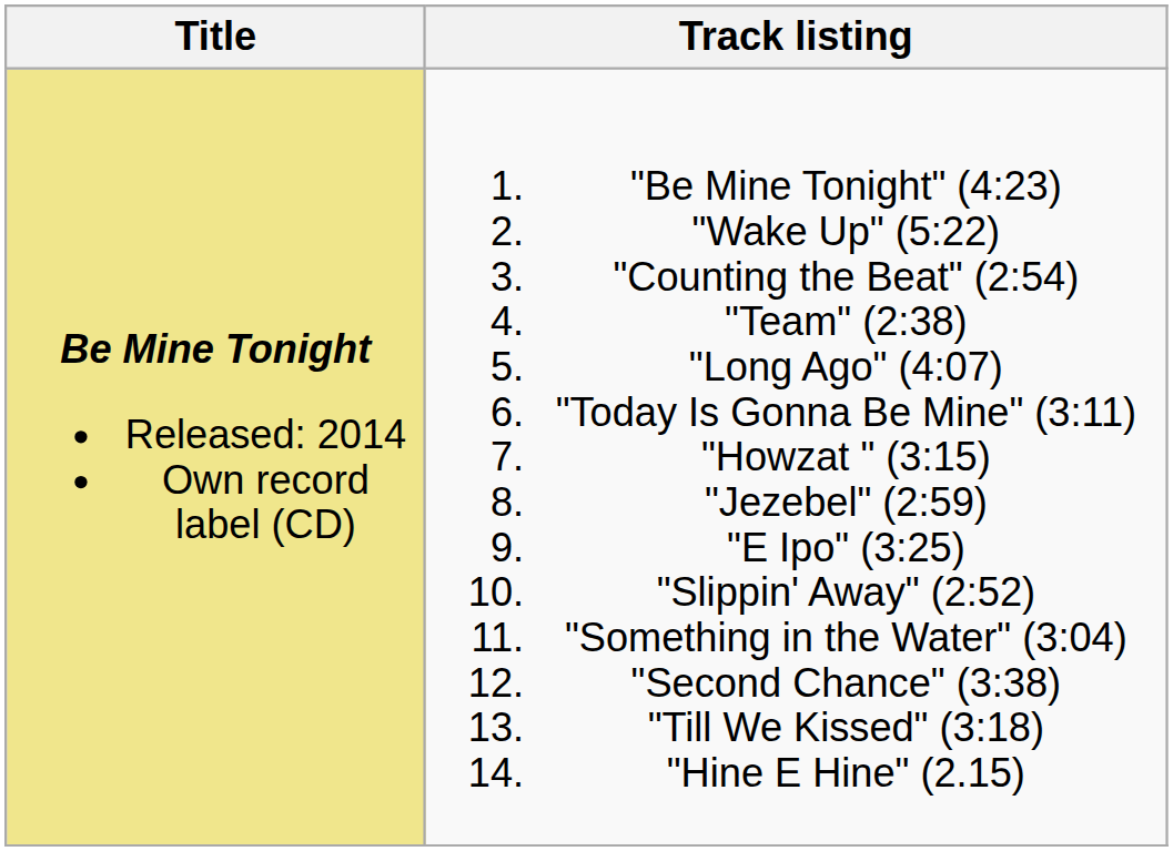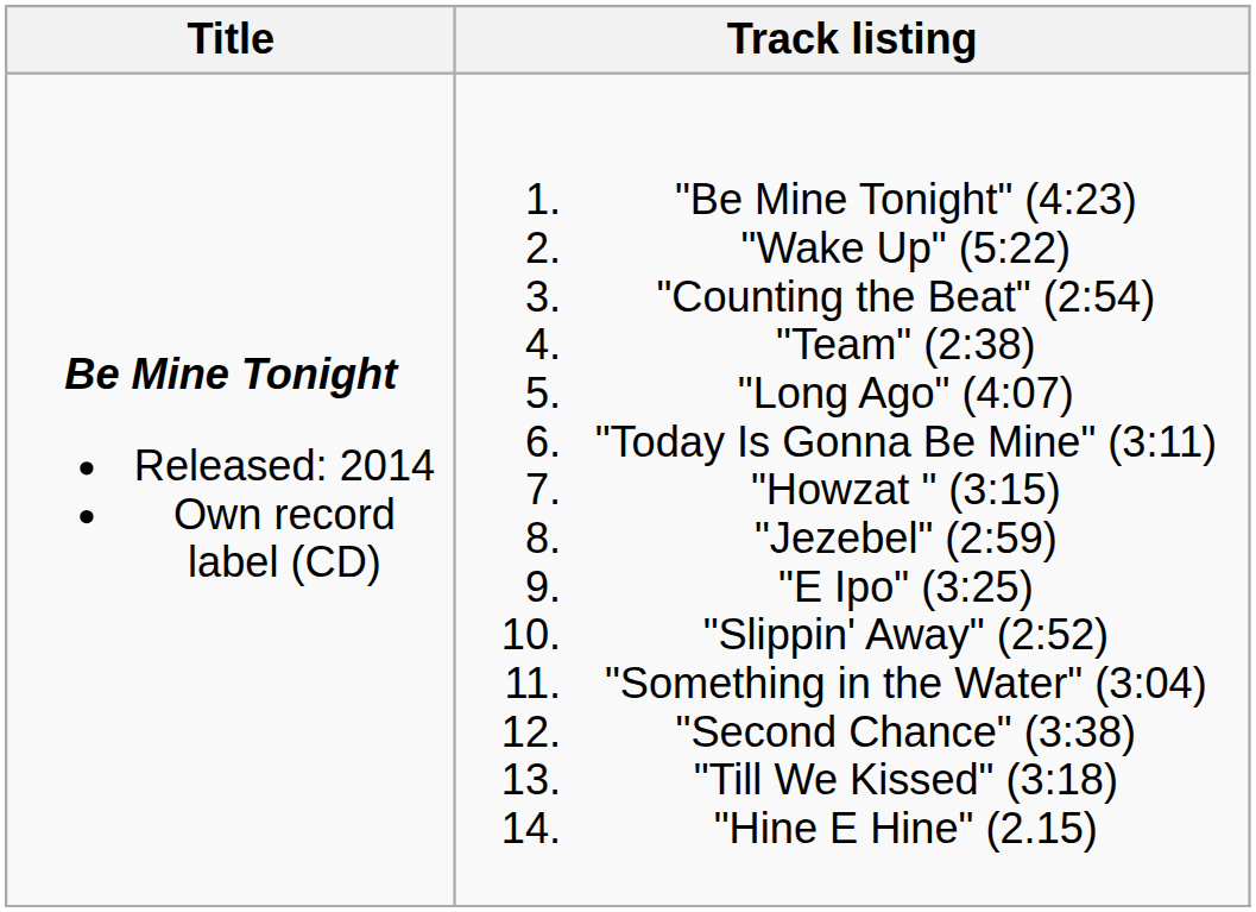 <table class="wikitable plainrowheaders" style="text-align:center;">
 <tr>
 <th scope="col" style="width:10em;">Title</th>
 <th scope="col" style="width:18em;">Track listing</th>
 </tr>
 <tr>
-<td style="background: khaki;"><strong><em>Be Mine Tonight</em></strong><br><ul><li>Released: 2014</li><li>Own record label (CD)</li></ul></td>
+<td><strong><em>Be Mine Tonight</em></strong><br><ul><li>Released: 2014</li><li>Own record label (CD)</li></ul></td>
 <td><br><ol><li>"Be Mine Tonight" (4:23)</li><li>"Wake Up" (5:22)</li><li>"Counting the Beat" (2:54)</li><li>"Team" (2:38)</li><li>"Long Ago" (4:07)</li><li>"Today Is Gonna Be Mine" (3:11)</li><li>"Howzat " (3:15)</li><li>"Jezebel" (2:59)</li><li>"E Ipo"  (3:25)</li><li>"Slippin' Away" (2:52)</li><li>"Something in the Water"  (3:04)</li><li>"Second Chance"  (3:38)</li><li>"Till We Kissed"  (3:18)</li><li>"Hine E Hine" (2.15)</li></ol></td>
 </tr>
 <tr>
 </tr>
 </table>
